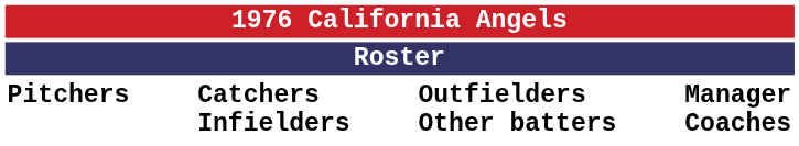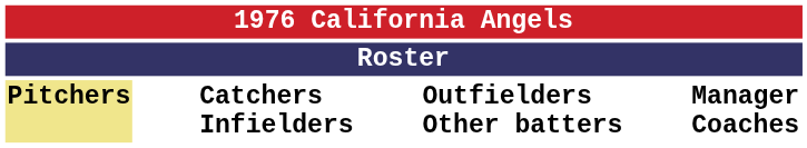 <table class="toccolours" style="font-size: 95%;">
 <tr>
 <th colspan="10" style="background-color: #CE2029; color: white; text-align: center;">1976 California Angels</th>
 </tr>
 <tr>
 <td colspan="10" style="background-color: #333366; color: white; text-align: center;"><strong>Roster</strong></td>
 </tr>
 <tr>
-<td valign="top"><strong>Pitchers</strong><br>             </td>
+<td valign="top" style="background: khaki;"><strong>Pitchers</strong><br>             </td>
 <td width="25px"></td>
 <td valign="top"><strong>Catchers</strong><br>     <strong>Infielders</strong>            </td>
 <td width="25px"></td>
 <td valign="top"><strong>Outfielders</strong><br>          <strong>Other batters</strong> </td>
 <td width="25px"></td>
 <td valign="top"><strong>Manager</strong><br>  <strong>Coaches</strong>      </td>
 </tr>
 </table>
